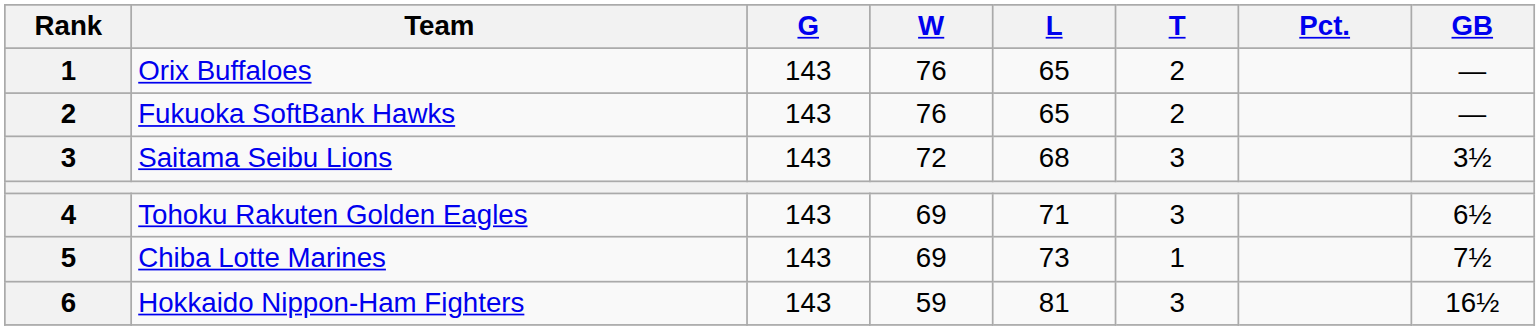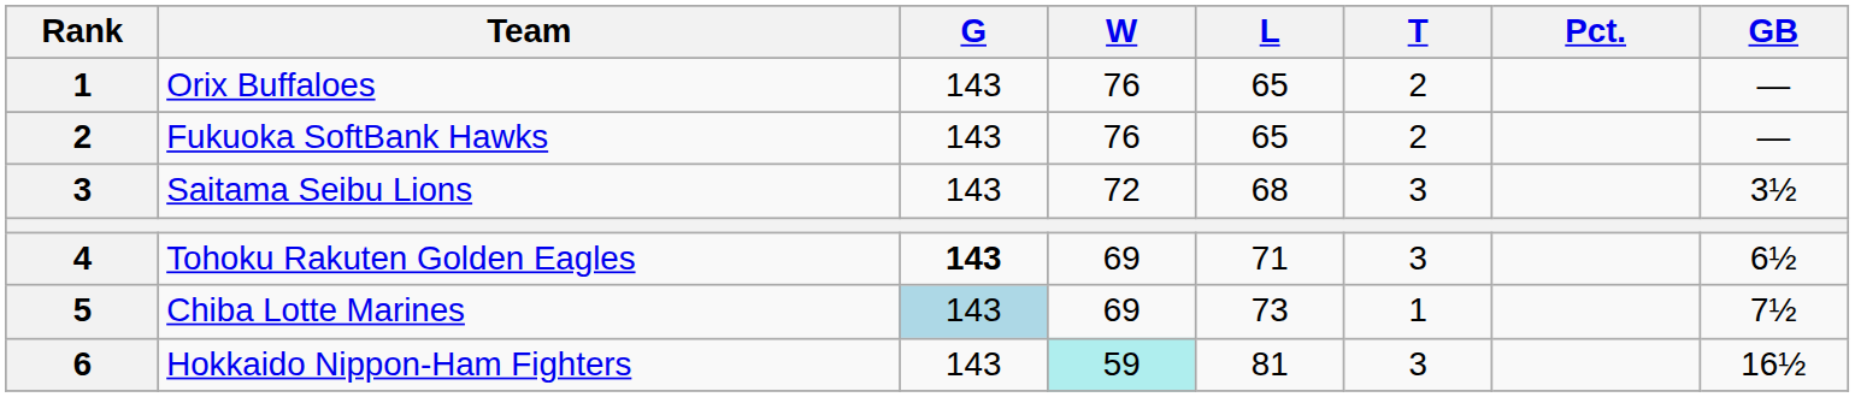 <table class="wikitable plainrowheaders" width="70%" style="text-align:center;">
 <tr>
 <th scope="col" width="5%">Rank</th>
 <th scope="col" width="25%">Team</th>
 <th scope="col" width="5%"><a href='#'>G</a></th>
 <th scope="col" width="5%"><a href='#'>W</a></th>
 <th scope="col" width="5%"><a href='#'>L</a></th>
 <th scope="col" width="5%"><a href='#'>T</a></th>
 <th scope="col" width="7%"><a href='#'>Pct.</a></th>
 <th scope="col" width="5%"><a href='#'>GB</a></th>
 </tr>
 <tr>
 <th>1</th>
 <td style="text-align:left;"><a href='#'>Orix Buffaloes</a></td>
 <td>143</td>
 <td>76</td>
 <td>65</td>
 <td>2</td>
 <td></td>
 <td>—</td>
 </tr>
 <tr>
 <th>2</th>
 <td style="text-align:left;"><a href='#'>Fukuoka SoftBank Hawks</a></td>
 <td>143</td>
 <td>76</td>
 <td>65</td>
 <td>2</td>
 <td></td>
 <td>—</td>
 </tr>
 <tr>
 <th>3</th>
 <td style="text-align:left;"><a href='#'>Saitama Seibu Lions</a></td>
 <td>143</td>
 <td>72</td>
 <td>68</td>
 <td>3</td>
 <td></td>
 <td>3½</td>
 </tr>
 <tr>
 <th colspan="10"></th>
 </tr>
 <tr>
 <th>4</th>
 <td style="text-align:left;"><a href='#'>Tohoku Rakuten Golden Eagles</a></td>
-<td>143</td>
+<td><strong>143</strong></td>
 <td>69</td>
 <td>71</td>
 <td>3</td>
 <td></td>
 <td>6½</td>
 </tr>
 <tr>
 <th>5</th>
 <td style="text-align:left;"><a href='#'>Chiba Lotte Marines</a></td>
-<td>143</td>
+<td style="background: lightblue;">143</td>
 <td>69</td>
 <td>73</td>
 <td>1</td>
 <td></td>
 <td>7½</td>
 </tr>
 <tr>
 <th>6</th>
 <td style="text-align:left;"><a href='#'>Hokkaido Nippon-Ham Fighters</a></td>
 <td>143</td>
-<td>59</td>
+<td style="background: paleturquoise;">59</td>
 <td>81</td>
 <td>3</td>
 <td></td>
 <td>16½</td>
 </tr>
 </table>
